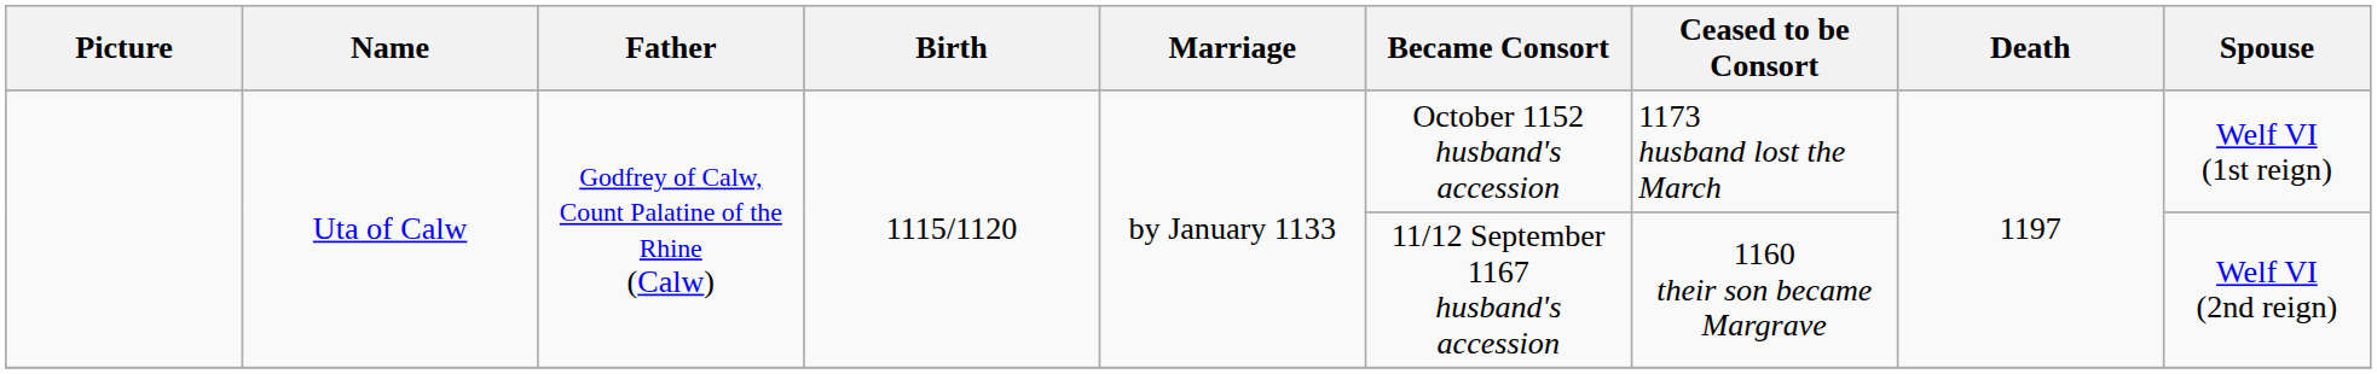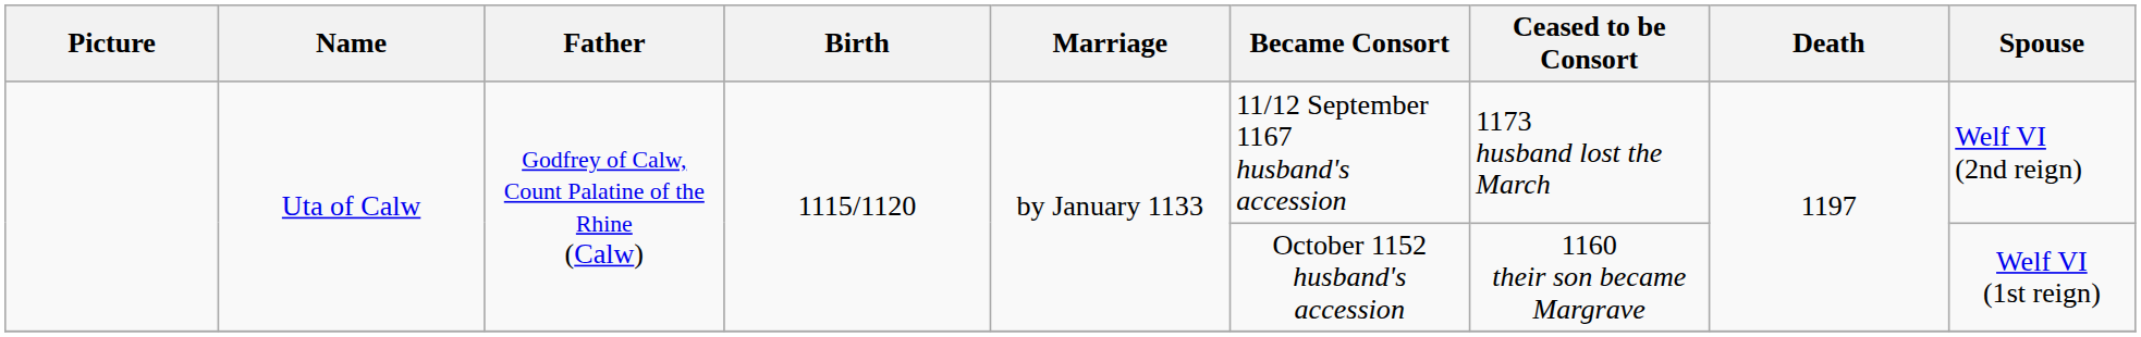 <table width=95% class="wikitable">
 <tr>
 <th width = "8%">Picture</th>
 <th width = "10%">Name</th>
 <th width = "9%">Father</th>
 <th width = "10%">Birth</th>
 <th width = "9%">Marriage</th>
 <th width = "9%">Became Consort</th>
 <th width = "9%">Ceased to be Consort</th>
 <th width = "9%">Death</th>
 <th width = "7%">Spouse</th>
 </tr>
 <tr>
 <td style="text-align:center;" rowspan="2"></td>
 <td style="text-align:center;" rowspan="2"><a href='#'>Uta of Calw</a></td>
 <td style="text-align:center;" rowspan="2"><small><a href='#'>Godfrey of Calw, Count Palatine of the Rhine</a></small><br>(<a href='#'>Calw</a>)</td>
 <td style="text-align:center;" rowspan="2">1115/1120</td>
 <td style="text-align:center;" rowspan="2">by January 1133</td>
-<td style="text-align:center;">October 1152<br><em>husband's accession</em></td>
+<td>11/12 September 1167<br><em>husband's accession</em></td>
 <td>1173<br><em>husband lost the March</em></td>
 <td style="text-align:center;" rowspan="2">1197</td>
-<td style="text-align:center;"><a href='#'>Welf VI</a><br>(1st reign)</td>
+<td><a href='#'>Welf VI</a><br>(2nd reign)</td>
 </tr>
 <tr style="text-align:center;">
-<td>11/12 September 1167<br><em>husband's accession</em></td>
+<td style="text-align:center;">October 1152<br><em>husband's accession</em></td>
 <td style="text-align:center;">1160<br><em>their son became Margrave</em></td>
-<td><a href='#'>Welf VI</a><br>(2nd reign)</td>
+<td style="text-align:center;"><a href='#'>Welf VI</a><br>(1st reign)</td>
 </tr>
 <tr>
 </tr>
 </table>
